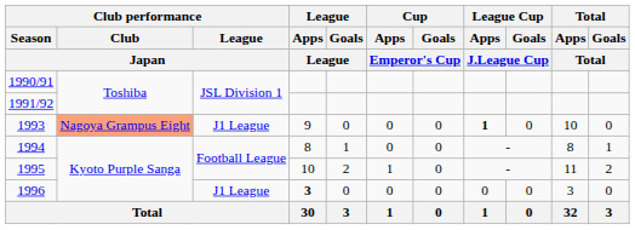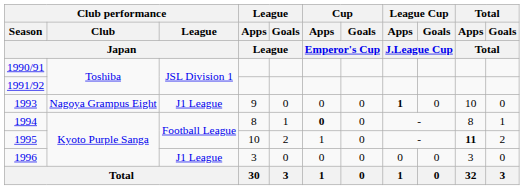 <table class="wikitable" style="text-align:center;">
 <tr>
 <th colspan=3>Club performance</th>
 <th colspan=2>League</th>
 <th colspan=2>Cup</th>
 <th colspan=2>League Cup</th>
 <th colspan=2>Total</th>
 </tr>
 <tr>
 <th>Season</th>
 <th>Club</th>
 <th>League</th>
 <th>Apps</th>
 <th>Goals</th>
 <th>Apps</th>
 <th>Goals</th>
 <th>Apps</th>
 <th>Goals</th>
 <th>Apps</th>
 <th>Goals</th>
 </tr>
 <tr>
 <th colspan=3>Japan</th>
 <th colspan=2>League</th>
 <th colspan=2><a href='#'>Emperor's Cup</a></th>
 <th colspan=2><a href='#'>J.League Cup</a></th>
 <th colspan=2>Total</th>
 </tr>
 <tr>
 <td><a href='#'>1990/91</a></td>
 <td rowspan="2"><a href='#'>Toshiba</a></td>
 <td rowspan="2"><a href='#'>JSL Division 1</a></td>
 <td></td>
 <td></td>
 <td></td>
 <td></td>
 <td></td>
 <td></td>
 <td></td>
 <td></td>
 </tr>
 <tr>
 <td><a href='#'>1991/92</a></td>
 <td></td>
 <td></td>
 <td></td>
 <td></td>
 <td></td>
 <td></td>
 <td></td>
 <td></td>
 </tr>
 <tr>
 <td><a href='#'>1993</a></td>
-<td style="background: lightsalmon;"><a href='#'>Nagoya Grampus Eight</a></td>
+<td><a href='#'>Nagoya Grampus Eight</a></td>
 <td><a href='#'>J1 League</a></td>
 <td>9</td>
 <td>0</td>
 <td>0</td>
 <td>0</td>
 <td><strong>1</strong></td>
 <td>0</td>
 <td>10</td>
 <td>0</td>
 </tr>
 <tr>
 <td><a href='#'>1994</a></td>
 <td rowspan="3"><a href='#'>Kyoto Purple Sanga</a></td>
 <td rowspan="2"><a href='#'>Football League</a></td>
 <td>8</td>
 <td>1</td>
-<td>0</td>
+<td><strong>0</strong></td>
 <td>0</td>
 <td colspan="2">-</td>
 <td>8</td>
 <td>1</td>
 </tr>
 <tr>
 <td><a href='#'>1995</a></td>
 <td>10</td>
 <td>2</td>
 <td>1</td>
 <td>0</td>
 <td colspan="2">-</td>
-<td>11</td>
+<td><strong>11</strong></td>
 <td>2</td>
 </tr>
 <tr>
 <td><a href='#'>1996</a></td>
 <td><a href='#'>J1 League</a></td>
-<td><strong>3</strong></td>
+<td>3</td>
 <td>0</td>
 <td>0</td>
 <td>0</td>
 <td>0</td>
 <td>0</td>
 <td>3</td>
 <td>0</td>
 </tr>
 <tr>
 <th colspan=3>Total</th>
 <th>30</th>
 <th>3</th>
 <th>1</th>
 <th>0</th>
 <th>1</th>
 <th>0</th>
 <th>32</th>
 <th>3</th>
 </tr>
 </table>
